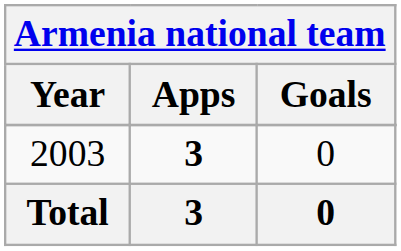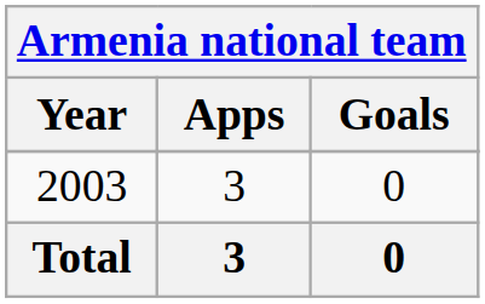 <table class="wikitable" style="text-align:center">
 <tr>
 <th colspan=3><a href='#'>Armenia national team</a></th>
 </tr>
 <tr>
 <th>Year</th>
 <th>Apps</th>
 <th>Goals</th>
 </tr>
 <tr>
 </tr>
 <tr>
 <td>2003</td>
-<td><strong>3</strong></td>
+<td>3</td>
 <td>0</td>
 </tr>
 <tr>
 <th>Total</th>
 <th>3</th>
 <th>0</th>
 </tr>
 </table>
